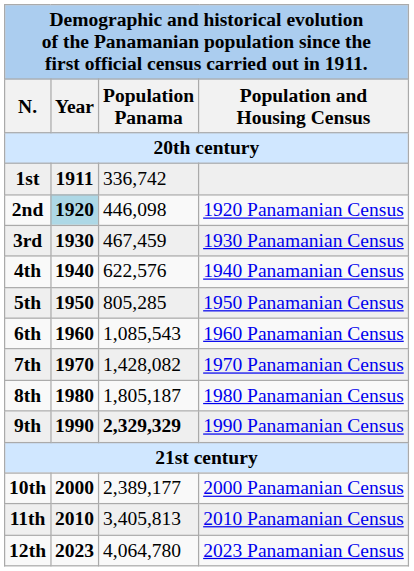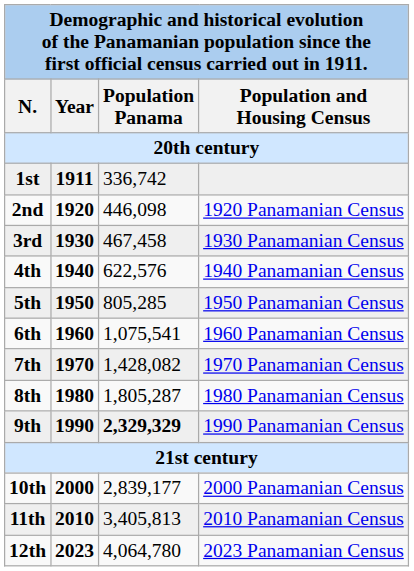 <table class="wikitable">
 <tr>
 <th colspan= "4" style="text-align:center; background:#abcdef;">Demographic and historical evolution <br>of the Panamanian population since the <br> first official census carried out in 1911.</th>
 </tr>
 <tr>
 <th>N.</th>
 <th>Year</th>
 <th>Population<br>Panama</th>
 <th>Population and <br> Housing Census</th>
 </tr>
 <tr align="center">
 <td colspan="4" style="background:#D0E7FF"><strong>20th century</strong></td>
 </tr>
 <tr align="center" style="background:#efefef; color:black">
 <td><strong>1st</strong></td>
 <td><strong>1911</strong></td>
 <td align="left">  336,742</td>
 <td></td>
 </tr>
 <tr align="center">
 <td><strong>2nd</strong></td>
-<td style="background: lightblue;"><strong>1920</strong></td>
+<td><strong>1920</strong></td>
 <td align="left"> 446,098</td>
 <td><a href='#'>1920 Panamanian Census</a></td>
 </tr>
 <tr align="center" style="background:#efefef; color:black">
 <td><strong>3rd</strong></td>
 <td><strong>1930</strong></td>
-<td align="left"> 467,459</td>
+<td align="left"> 467,458</td>
 <td><a href='#'>1930 Panamanian Census</a></td>
 </tr>
 <tr align="center">
 <td><strong>4th</strong></td>
 <td><strong>1940</strong></td>
 <td align="left">  622,576</td>
 <td><a href='#'>1940 Panamanian Census</a></td>
 </tr>
 <tr align="center" style="background:#efefef; color:black">
 <td><strong>5th</strong></td>
 <td><strong>1950</strong></td>
 <td align="left"> 805,285</td>
 <td><a href='#'>1950 Panamanian Census</a></td>
 </tr>
 <tr align="center">
 <td><strong>6th</strong></td>
 <td><strong>1960</strong></td>
-<td align="left"> 1,085,543</td>
+<td align="left"> 1,075,541</td>
 <td><a href='#'>1960 Panamanian Census</a></td>
 </tr>
 <tr align="center" style="background:#efefef; color:black">
 <td><strong>7th</strong></td>
 <td><strong>1970</strong></td>
 <td align="left"> 1,428,082</td>
 <td><a href='#'>1970 Panamanian Census</a></td>
 </tr>
 <tr align="center">
 <td><strong>8th</strong></td>
 <td><strong>1980</strong></td>
-<td align="left"> 1,805,187</td>
+<td align="left"> 1,805,287</td>
 <td><a href='#'>1980 Panamanian Census</a></td>
 </tr>
 <tr align="center" style="background:#efefef; color:black">
 <td><strong>9th</strong></td>
 <td><strong>1990</strong></td>
 <td align="left"><strong> 2,329,329</strong></td>
 <td><a href='#'>1990 Panamanian Census</a></td>
 </tr>
 <tr align="center">
 <td colspan="4" style="background:#D0E7FF"><strong>21st century</strong></td>
 </tr>
 <tr align="center">
 <td><strong>10th</strong></td>
 <td><strong>2000</strong></td>
-<td align="left"> 2,389,177</td>
+<td align="left"> 2,839,177</td>
 <td><a href='#'>2000 Panamanian Census</a></td>
 </tr>
 <tr align="center" style="background:#efefef; color:black">
 <td><strong>11th</strong></td>
 <td><strong>2010</strong></td>
 <td align="left"> 3,405,813</td>
 <td><a href='#'>2010 Panamanian Census</a></td>
 </tr>
 <tr align="center">
 <td><strong>12th</strong></td>
 <td><strong>2023</strong></td>
 <td align="left"> 4,064,780</td>
 <td><a href='#'>2023 Panamanian Census</a></td>
 </tr>
 </table>
